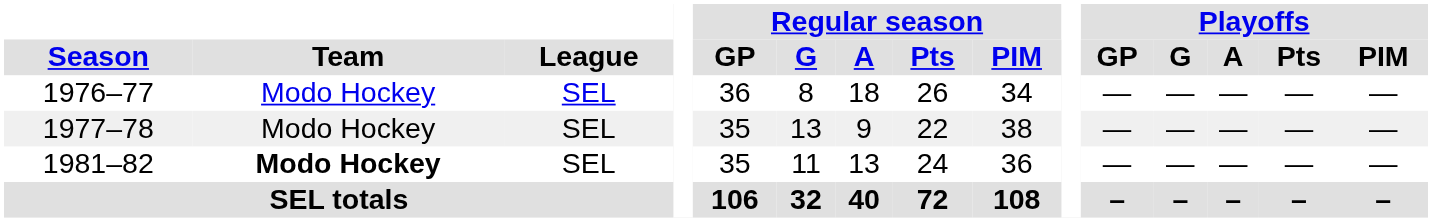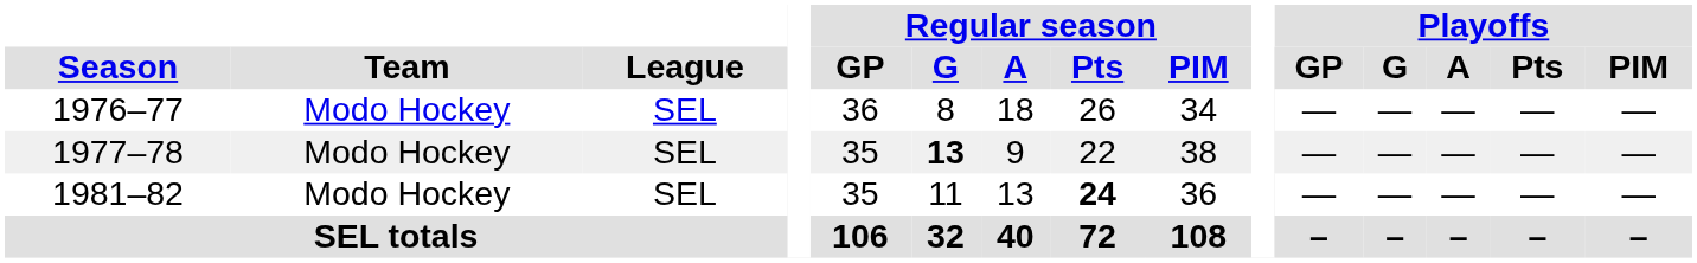 <table border="0" cellpadding="1" cellspacing="0" style="text-align:center; width:50em;">
 <tr style="background:#e0e0e0;">
 <th colspan="3"  bgcolor="#ffffff"> </th>
 <th rowspan="99" bgcolor="#ffffff"> </th>
 <th colspan="5"><a href='#'>Regular season</a></th>
 <th rowspan="99" bgcolor="#ffffff"> </th>
 <th colspan="5"><a href='#'>Playoffs</a></th>
 </tr>
 <tr style="background:#e0e0e0;">
 <th><a href='#'>Season</a></th>
 <th>Team</th>
 <th>League</th>
 <th>GP</th>
 <th><a href='#'>G</a></th>
 <th><a href='#'>A</a></th>
 <th><a href='#'>Pts</a></th>
 <th><a href='#'>PIM</a></th>
 <th>GP</th>
 <th>G</th>
 <th>A</th>
 <th>Pts</th>
 <th>PIM</th>
 </tr>
 <tr>
 <td>1976–77</td>
 <td><a href='#'>Modo Hockey</a></td>
 <td><a href='#'>SEL</a></td>
 <td>36</td>
 <td>8</td>
 <td>18</td>
 <td>26</td>
 <td>34</td>
 <td>—</td>
 <td>—</td>
 <td>—</td>
 <td>—</td>
 <td>—</td>
 </tr>
 <tr style="background:#f0f0f0;">
 <td>1977–78</td>
 <td>Modo Hockey</td>
 <td>SEL</td>
 <td>35</td>
-<td>13</td>
+<td><strong>13</strong></td>
 <td>9</td>
 <td>22</td>
 <td>38</td>
 <td>—</td>
 <td>—</td>
 <td>—</td>
 <td>—</td>
 <td>—</td>
 </tr>
 <tr>
 <td>1981–82</td>
-<td><strong>Modo Hockey</strong></td>
+<td>Modo Hockey</td>
 <td>SEL</td>
 <td>35</td>
 <td>11</td>
 <td>13</td>
-<td>24</td>
+<td><strong>24</strong></td>
 <td>36</td>
 <td>—</td>
 <td>—</td>
 <td>—</td>
 <td>—</td>
 <td>—</td>
 </tr>
 <tr style="background:#e0e0e0;">
 <th colspan="3">SEL totals</th>
 <th>106</th>
 <th>32</th>
 <th>40</th>
 <th>72</th>
 <th>108</th>
 <th>–</th>
 <th>–</th>
 <th>–</th>
 <th>–</th>
 <th>–</th>
 </tr>
 </table>
